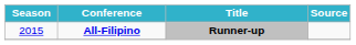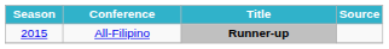 <table class="wikitable">
 <tr>
 <th width=70px style="background:#30B2CA; color:white">Season</th>
 <th width=150px style="background:#30B2CA; color:white">Conference</th>
 <th width=200px style="background:#30B2CA; color:white">Title</th>
 <th width=50px style="background:#30B2CA; color:white">Source</th>
 </tr>
 <tr align="center">
 <td><a href='#'>2015</a></td>
-<td><strong><a href='#'>All-Filipino</a></strong></td>
+<td><a href='#'>All-Filipino</a></td>
 <td style="background:Silver;"><strong>Runner-up</strong></td>
 <td></td>
 </tr>
 <tr>
 </tr>
 </table>
